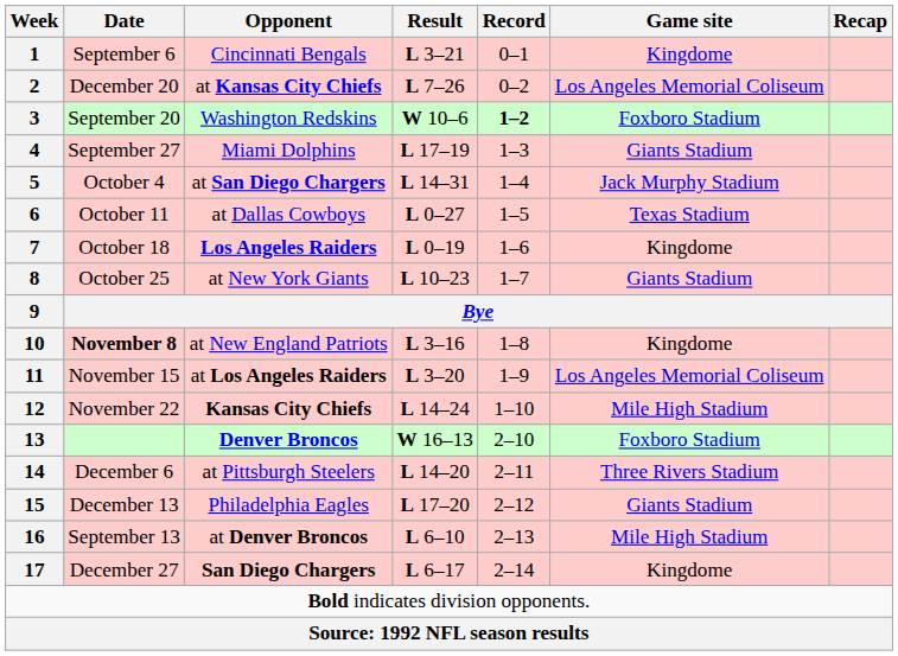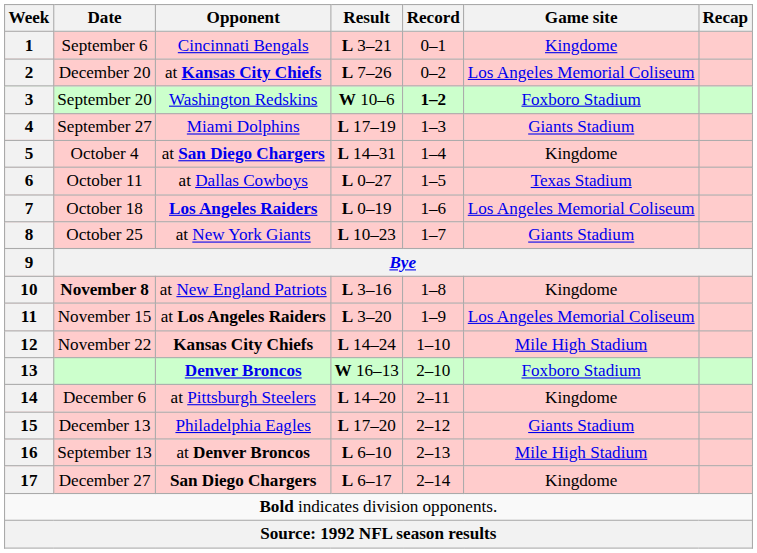 <table class="wikitable" style="text-align:center">
 <tr>
 <th>Week</th>
 <th>Date</th>
 <th>Opponent</th>
 <th>Result</th>
 <th>Record</th>
 <th>Game site</th>
 <th>Recap</th>
 </tr>
 <tr style="background:#fcc">
 <th>1</th>
 <td>September 6</td>
 <td><a href='#'>Cincinnati Bengals</a></td>
 <td><strong>L</strong> 3–21</td>
 <td>0–1</td>
 <td><a href='#'>Kingdome</a></td>
 <td></td>
 </tr>
 <tr style="background:#fcc">
 <th>2</th>
 <td>December 20</td>
 <td>at <strong><a href='#'>Kansas City Chiefs</a></strong></td>
 <td><strong>L</strong> 7–26</td>
 <td>0–2</td>
 <td><a href='#'>Los Angeles Memorial Coliseum</a></td>
 <td></td>
 </tr>
 <tr style="background:#cfc">
 <th>3</th>
 <td>September 20</td>
 <td><a href='#'>Washington Redskins</a></td>
 <td><strong>W</strong> 10–6</td>
 <td><strong>1–2</strong></td>
 <td><a href='#'>Foxboro Stadium</a></td>
 <td></td>
 </tr>
 <tr style="background:#fcc">
 <th>4</th>
 <td>September 27</td>
 <td><a href='#'>Miami Dolphins</a></td>
 <td><strong>L</strong> 17–19</td>
 <td>1–3</td>
 <td><a href='#'>Giants Stadium</a></td>
 <td></td>
 </tr>
 <tr style="background:#fcc">
 <th>5</th>
 <td>October 4</td>
 <td>at <strong><a href='#'>San Diego Chargers</a></strong></td>
 <td><strong>L</strong> 14–31</td>
 <td>1–4</td>
-<td><a href='#'>Jack Murphy Stadium</a></td>
+<td>Kingdome</td>
 <td></td>
 </tr>
 <tr style="background:#fcc">
 <th>6</th>
 <td>October 11</td>
 <td>at <a href='#'>Dallas Cowboys</a></td>
 <td><strong>L</strong> 0–27</td>
 <td>1–5</td>
 <td><a href='#'>Texas Stadium</a></td>
 <td></td>
 </tr>
 <tr style="background:#fcc">
 <th>7</th>
 <td>October 18</td>
 <td><strong><a href='#'>Los Angeles Raiders</a></strong></td>
 <td><strong>L</strong> 0–19</td>
 <td>1–6</td>
-<td>Kingdome</td>
+<td><a href='#'>Los Angeles Memorial Coliseum</a></td>
 <td></td>
 </tr>
 <tr style="background:#fcc">
 <th>8</th>
 <td>October 25</td>
 <td>at <a href='#'>New York Giants</a></td>
 <td><strong>L</strong> 10–23</td>
 <td>1–7</td>
 <td><a href='#'>Giants Stadium</a></td>
 <td></td>
 </tr>
 <tr>
 <th>9</th>
 <th colspan="6"><em><a href='#'>Bye</a></em></th>
 </tr>
 <tr style="background:#fcc">
 <th>10</th>
 <td><strong>November 8</strong></td>
 <td>at <a href='#'>New England Patriots</a></td>
 <td><strong>L</strong> 3–16</td>
 <td>1–8</td>
 <td>Kingdome</td>
 <td></td>
 </tr>
 <tr style="background:#fcc">
 <th>11</th>
 <td>November 15</td>
 <td>at <strong>Los Angeles Raiders</strong></td>
 <td><strong>L</strong> 3–20</td>
 <td>1–9</td>
 <td><a href='#'>Los Angeles Memorial Coliseum</a></td>
 <td></td>
 </tr>
 <tr style="background:#fcc">
 <th>12</th>
 <td>November 22</td>
 <td><strong>Kansas City Chiefs</strong></td>
 <td><strong>L</strong> 14–24</td>
 <td>1–10</td>
 <td><a href='#'>Mile High Stadium</a></td>
 <td></td>
 </tr>
 <tr style="background:#cfc">
 <th>13</th>
 <td></td>
 <td><strong><a href='#'>Denver Broncos</a></strong></td>
 <td><strong>W</strong> 16–13 </td>
 <td>2–10</td>
 <td><a href='#'>Foxboro Stadium</a></td>
 <td></td>
 </tr>
 <tr style="background:#fcc">
 <th>14</th>
 <td>December 6</td>
 <td>at <a href='#'>Pittsburgh Steelers</a></td>
 <td><strong>L</strong> 14–20</td>
 <td>2–11</td>
-<td><a href='#'>Three Rivers Stadium</a></td>
+<td>Kingdome</td>
 <td></td>
 </tr>
 <tr style="background:#fcc">
 <th>15</th>
 <td>December 13</td>
 <td><a href='#'>Philadelphia Eagles</a></td>
 <td><strong>L</strong> 17–20 </td>
 <td>2–12</td>
 <td><a href='#'>Giants Stadium</a></td>
 <td></td>
 </tr>
 <tr style="background:#fcc">
 <th>16</th>
 <td>September 13</td>
 <td>at <strong>Denver Broncos</strong></td>
 <td><strong>L</strong> 6–10</td>
 <td>2–13</td>
 <td><a href='#'>Mile High Stadium</a></td>
 <td></td>
 </tr>
 <tr style="background:#fcc">
 <th>17</th>
 <td>December 27</td>
 <td><strong>San Diego Chargers</strong></td>
 <td><strong>L</strong> 6–17</td>
 <td>2–14</td>
 <td>Kingdome</td>
 <td></td>
 </tr>
 <tr>
 <td colspan="7"><strong>Bold</strong> indicates division opponents.</td>
 </tr>
 <tr>
 <th colspan="7">Source: 1992 NFL season results</th>
 </tr>
 </table>
